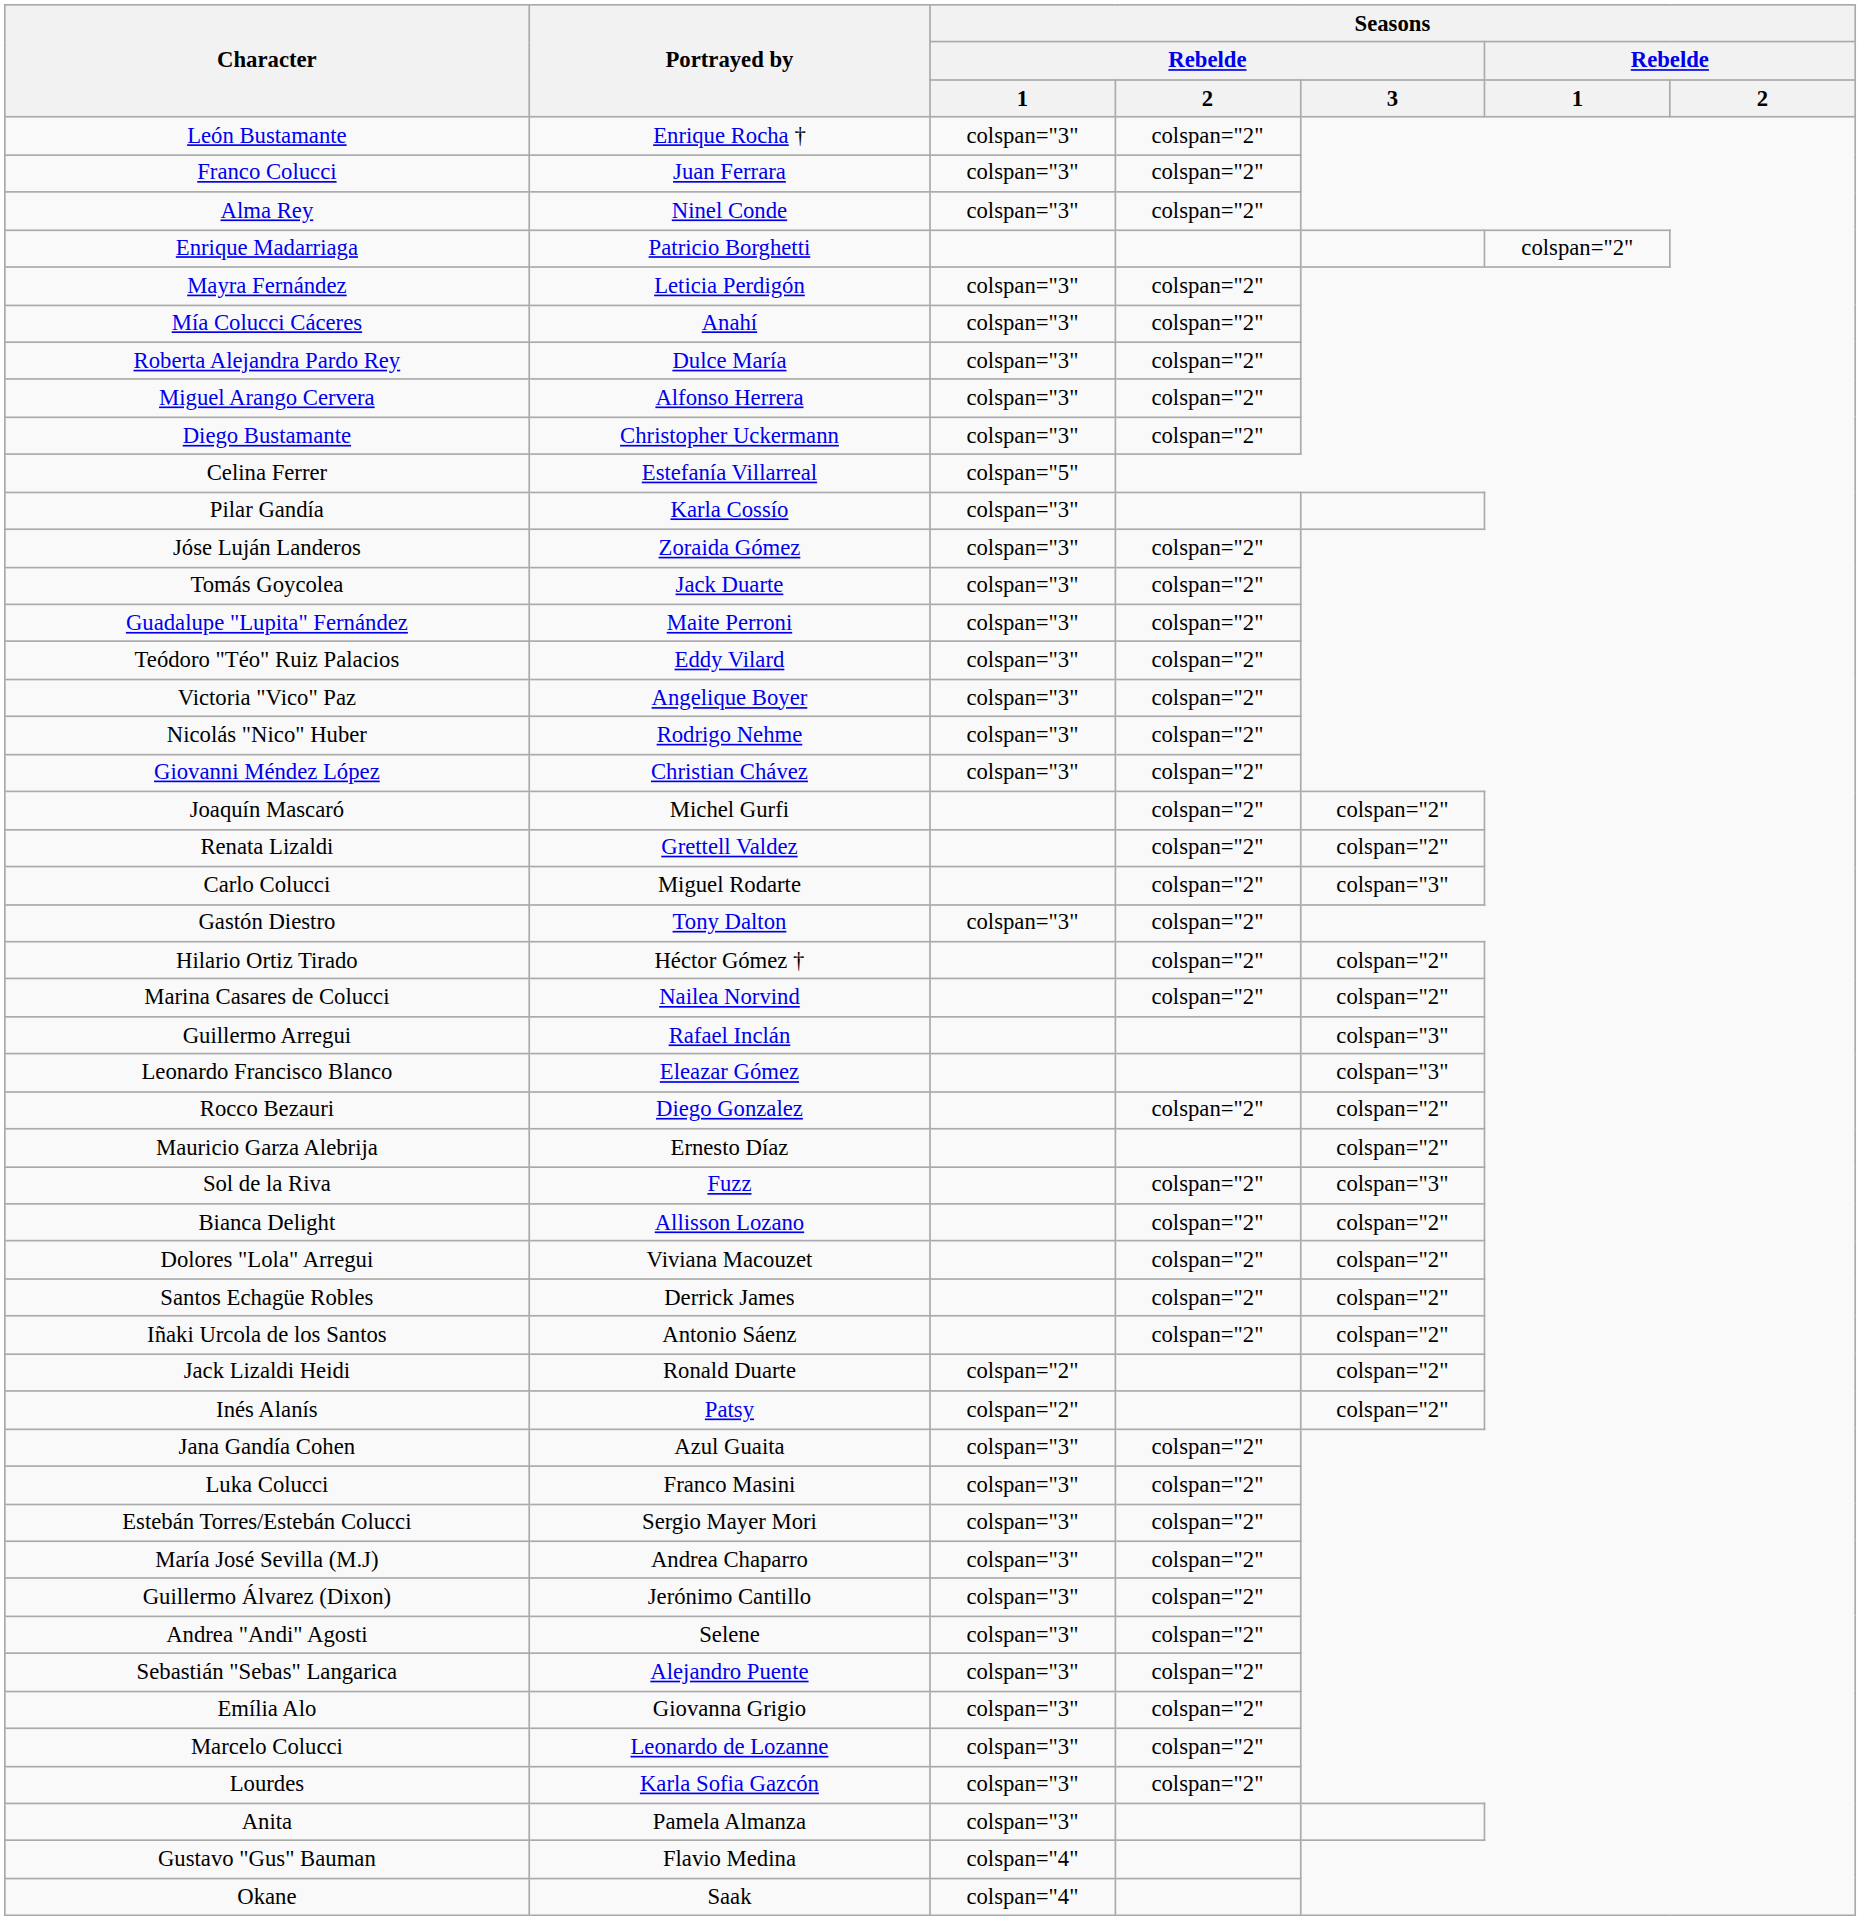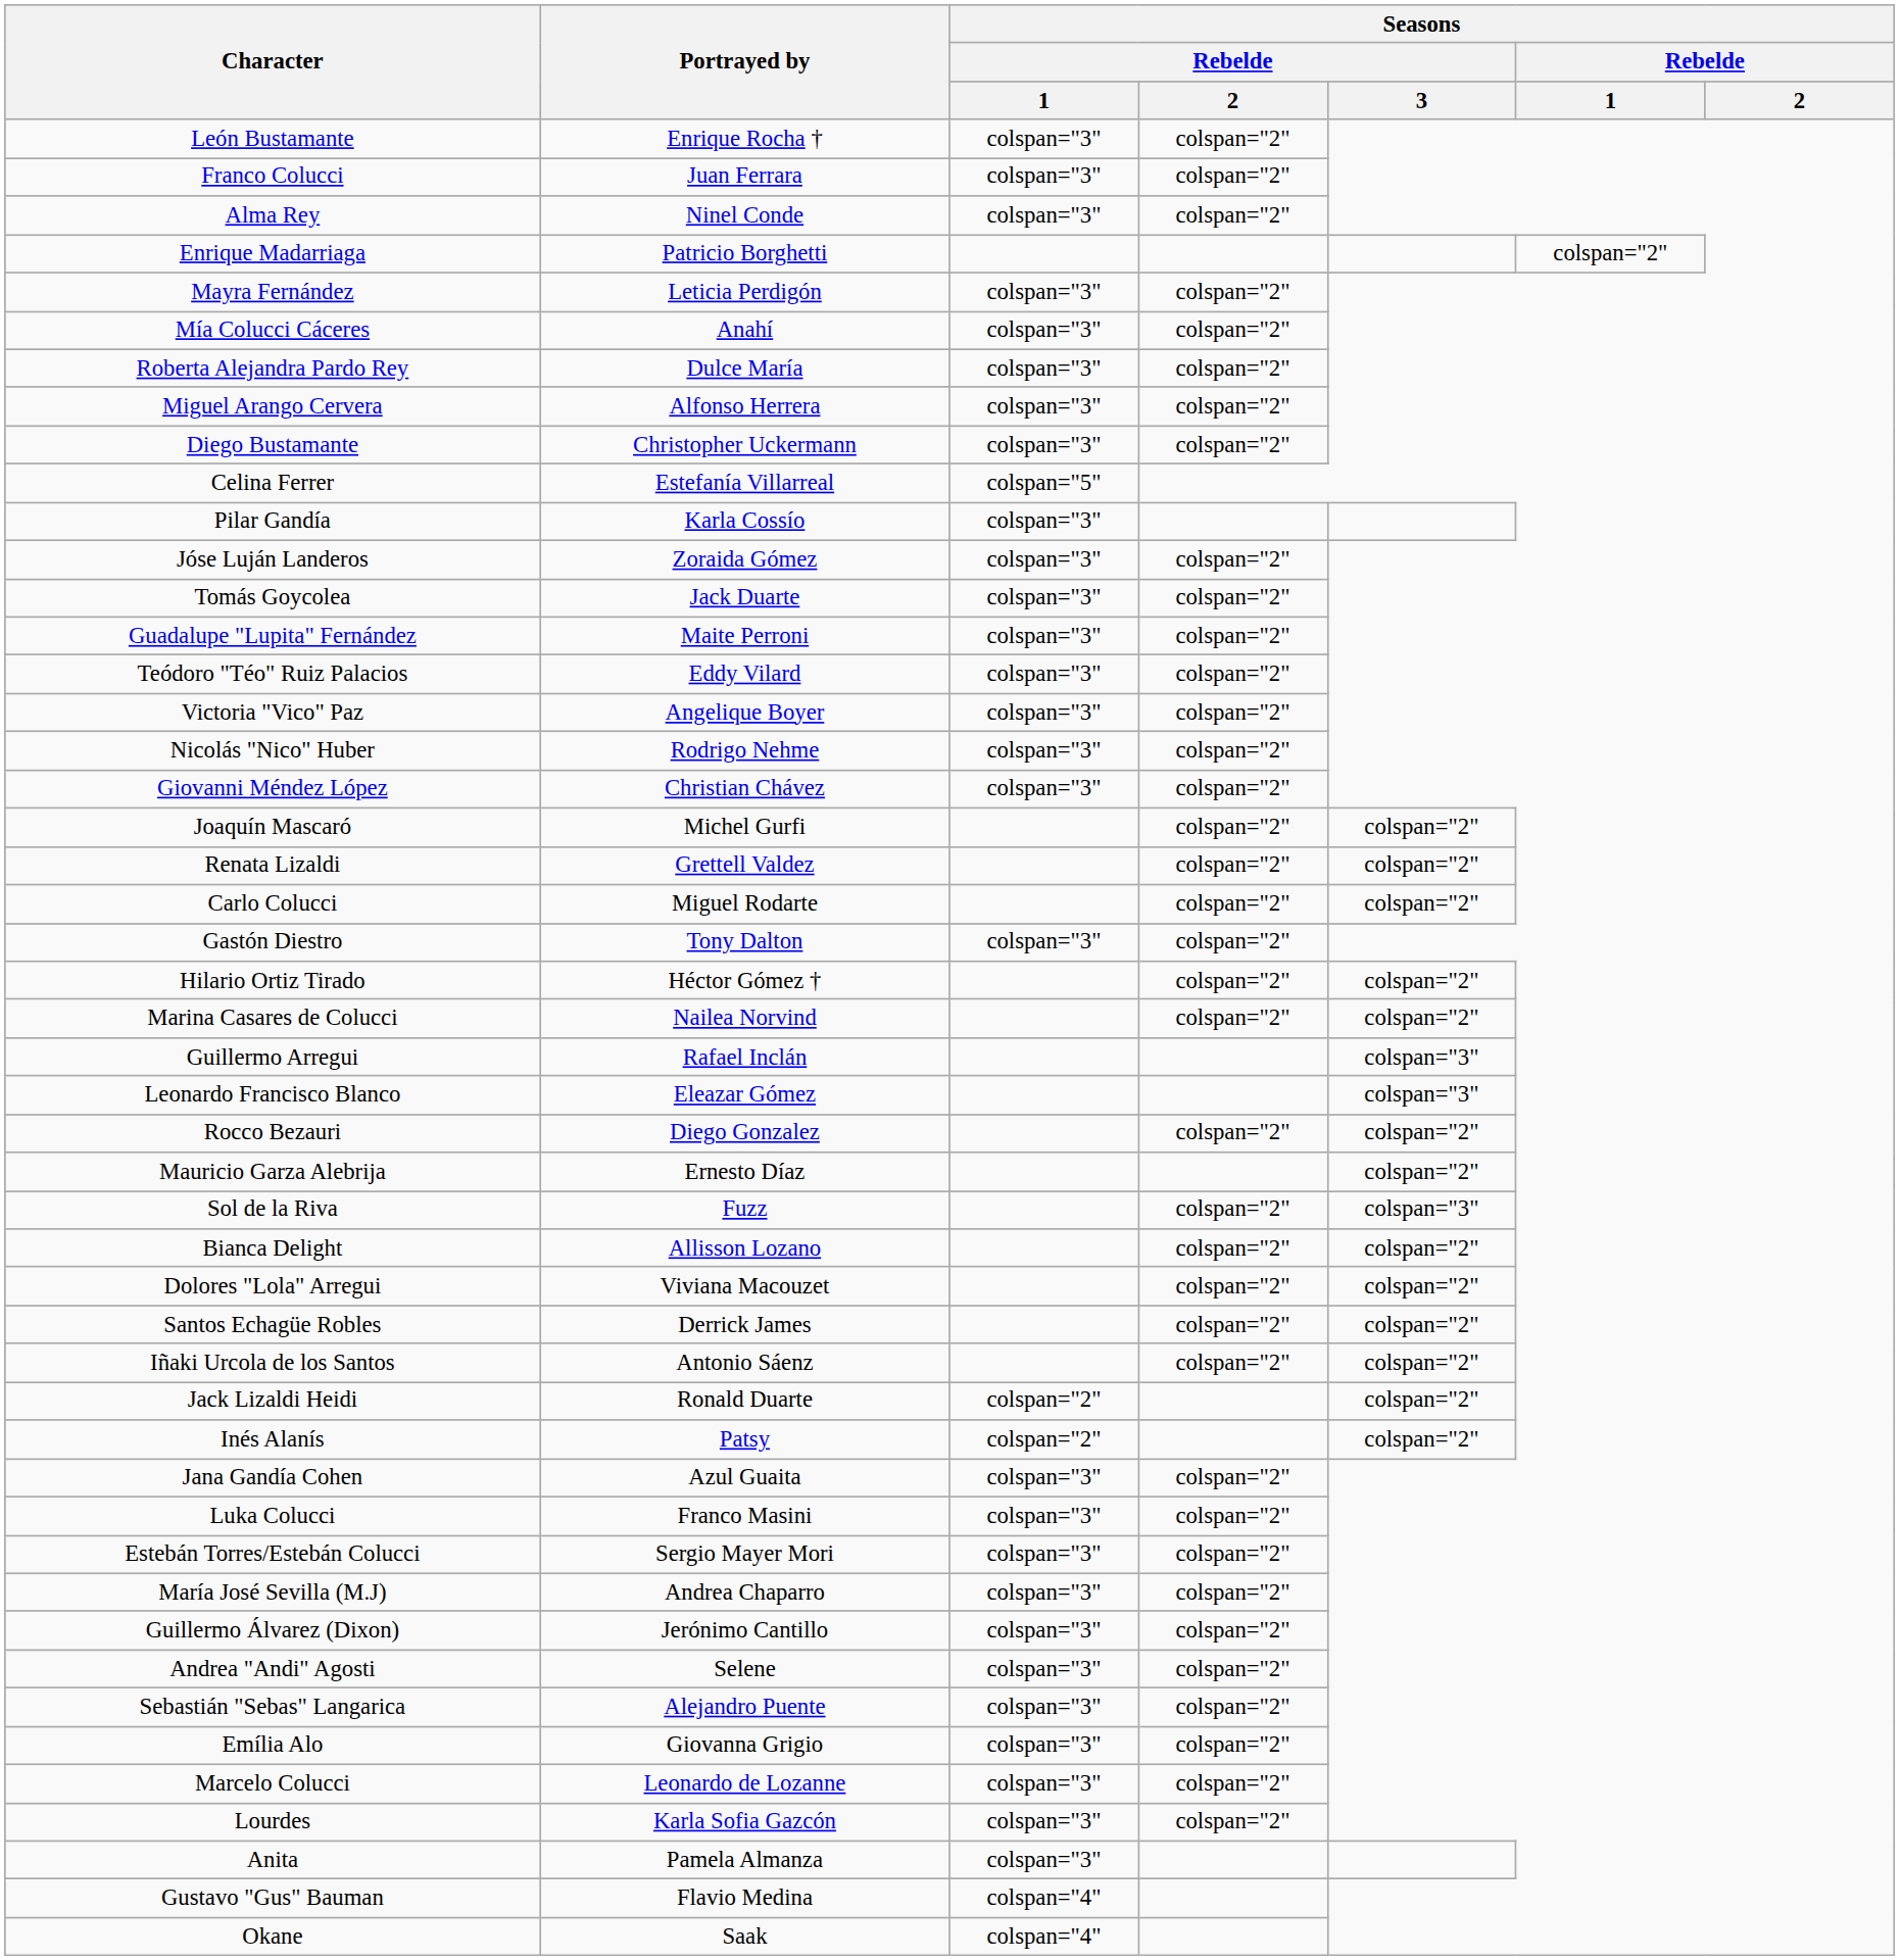 <table class="wikitable plainrowheaders" style="text-align:center; font-size:85%; width:70%">
 <tr>
 <th rowspan="3">Character</th>
 <th rowspan="3">Portrayed by</th>
 <th colspan="5">Seasons</th>
 </tr>
 <tr>
 <th colspan="3"><a href='#'>Rebelde</a><br></th>
 <th colspan="2"><a href='#'>Rebelde</a><br></th>
 </tr>
 <tr>
 <th style="width:10%;">1</th>
 <th style="width:10%;">2</th>
 <th style="width:10%;">3</th>
 <th style="width:10%;">1</th>
 <th style="width:10%;">2</th>
 </tr>
 <tr>
 <td><a href='#'>León Bustamante</a></td>
 <td><a href='#'>Enrique Rocha</a> †</td>
 <td>colspan="3" </td>
 <td>colspan="2" </td>
 </tr>
 <tr>
 <td><a href='#'>Franco Colucci</a></td>
 <td><a href='#'>Juan Ferrara</a></td>
 <td>colspan="3" </td>
 <td>colspan="2" </td>
 </tr>
 <tr>
 <td><a href='#'>Alma Rey</a></td>
 <td><a href='#'>Ninel Conde</a></td>
 <td>colspan="3" </td>
 <td>colspan="2" </td>
 </tr>
 <tr>
 <td><a href='#'>Enrique Madarriaga</a></td>
 <td><a href='#'>Patricio Borghetti</a></td>
 <td></td>
 <td></td>
 <td></td>
 <td>colspan="2" </td>
 </tr>
 <tr>
 <td><a href='#'>Mayra Fernández</a></td>
 <td><a href='#'>Leticia Perdigón</a></td>
 <td>colspan="3" </td>
 <td>colspan="2" </td>
 </tr>
 <tr>
 <td><a href='#'>Mía Colucci Cáceres</a></td>
 <td><a href='#'>Anahí</a></td>
 <td>colspan="3" </td>
 <td>colspan="2" </td>
 </tr>
 <tr>
 <td><a href='#'>Roberta Alejandra Pardo Rey</a></td>
 <td><a href='#'>Dulce María</a></td>
 <td>colspan="3" </td>
 <td>colspan="2" </td>
 </tr>
 <tr>
 <td><a href='#'>Miguel Arango Cervera</a></td>
 <td><a href='#'>Alfonso Herrera</a></td>
 <td>colspan="3" </td>
 <td>colspan="2" </td>
 </tr>
 <tr>
 <td><a href='#'>Diego Bustamante</a></td>
 <td><a href='#'>Christopher Uckermann</a></td>
 <td>colspan="3" </td>
 <td>colspan="2" </td>
 </tr>
 <tr>
 <td>Celina Ferrer</td>
 <td><a href='#'>Estefanía Villarreal</a></td>
 <td>colspan="5" </td>
 </tr>
 <tr>
 <td>Pilar Gandía</td>
 <td><a href='#'>Karla Cossío</a></td>
 <td>colspan="3" </td>
 <td></td>
 <td></td>
 </tr>
 <tr>
 <td>Jóse Luján Landeros</td>
 <td><a href='#'>Zoraida Gómez</a></td>
 <td>colspan="3" </td>
 <td>colspan="2" </td>
 </tr>
 <tr>
 <td>Tomás Goycolea</td>
 <td><a href='#'>Jack Duarte</a></td>
 <td>colspan="3" </td>
 <td>colspan="2" </td>
 </tr>
 <tr>
 <td><a href='#'>Guadalupe "Lupita" Fernández</a></td>
 <td><a href='#'>Maite Perroni</a></td>
 <td>colspan="3" </td>
 <td>colspan="2" </td>
 </tr>
 <tr>
 <td>Teódoro "Téo" Ruiz Palacios</td>
 <td><a href='#'>Eddy Vilard</a></td>
 <td>colspan="3" </td>
 <td>colspan="2" </td>
 </tr>
 <tr>
 <td>Victoria "Vico" Paz</td>
 <td><a href='#'>Angelique Boyer</a></td>
 <td>colspan="3" </td>
 <td>colspan="2" </td>
 </tr>
 <tr>
 <td>Nicolás "Nico" Huber</td>
 <td><a href='#'>Rodrigo Nehme</a></td>
 <td>colspan="3" </td>
 <td>colspan="2" </td>
 </tr>
 <tr>
 <td><a href='#'>Giovanni Méndez López</a></td>
 <td><a href='#'>Christian Chávez</a></td>
 <td>colspan="3" </td>
 <td>colspan="2" </td>
 </tr>
 <tr>
 <td>Joaquín Mascaró</td>
 <td>Michel Gurfi</td>
 <td></td>
 <td>colspan="2" </td>
 <td>colspan="2" </td>
 </tr>
 <tr>
 <td>Renata Lizaldi</td>
 <td><a href='#'>Grettell Valdez</a></td>
 <td></td>
 <td>colspan="2" </td>
 <td>colspan="2" </td>
 </tr>
 <tr>
 <td>Carlo Colucci</td>
 <td>Miguel Rodarte</td>
 <td></td>
 <td>colspan="2" </td>
-<td>colspan="3" </td>
+<td>colspan="2" </td>
 </tr>
 <tr>
 <td>Gastón Diestro</td>
 <td><a href='#'>Tony Dalton</a></td>
 <td>colspan="3" </td>
 <td>colspan="2" </td>
 </tr>
 <tr>
 <td>Hilario Ortiz Tirado</td>
 <td>Héctor Gómez †</td>
 <td></td>
 <td>colspan="2" </td>
 <td>colspan="2" </td>
 </tr>
 <tr>
 <td>Marina Casares de Colucci</td>
 <td><a href='#'>Nailea Norvind</a></td>
 <td></td>
 <td>colspan="2" </td>
 <td>colspan="2" </td>
 </tr>
 <tr>
 <td>Guillermo Arregui</td>
 <td><a href='#'>Rafael Inclán</a></td>
 <td></td>
 <td></td>
 <td>colspan="3" </td>
 </tr>
 <tr>
 <td>Leonardo Francisco Blanco</td>
 <td><a href='#'>Eleazar Gómez</a></td>
 <td></td>
 <td></td>
 <td>colspan="3" </td>
 </tr>
 <tr>
 <td>Rocco Bezauri</td>
 <td><a href='#'>Diego Gonzalez</a></td>
 <td></td>
 <td>colspan="2" </td>
 <td>colspan="2" </td>
 </tr>
 <tr>
 <td>Mauricio Garza Alebrija</td>
 <td>Ernesto Díaz</td>
 <td></td>
 <td></td>
 <td>colspan="2" </td>
 </tr>
 <tr>
 <td>Sol de la Riva</td>
 <td><a href='#'>Fuzz</a></td>
 <td></td>
 <td>colspan="2" </td>
 <td>colspan="3" </td>
 </tr>
 <tr>
 <td>Bianca Delight</td>
 <td><a href='#'>Allisson Lozano</a></td>
 <td></td>
 <td>colspan="2" </td>
 <td>colspan="2" </td>
 </tr>
 <tr>
 <td>Dolores "Lola" Arregui</td>
 <td>Viviana Macouzet</td>
 <td></td>
 <td>colspan="2" </td>
 <td>colspan="2" </td>
 </tr>
 <tr>
 <td>Santos Echagüe Robles</td>
 <td>Derrick James</td>
 <td></td>
 <td>colspan="2" </td>
 <td>colspan="2" </td>
 </tr>
 <tr>
 <td>Iñaki Urcola de los Santos</td>
 <td>Antonio Sáenz</td>
 <td></td>
 <td>colspan="2" </td>
 <td>colspan="2" </td>
 </tr>
 <tr>
 <td>Jack Lizaldi Heidi</td>
 <td>Ronald Duarte</td>
 <td>colspan="2" </td>
 <td></td>
 <td>colspan="2" </td>
 </tr>
 <tr>
 <td>Inés Alanís</td>
 <td><a href='#'>Patsy</a></td>
 <td>colspan="2" </td>
 <td></td>
 <td>colspan="2" </td>
 </tr>
 <tr>
 <td>Jana Gandía Cohen</td>
 <td>Azul Guaita</td>
 <td>colspan="3" </td>
 <td>colspan="2" </td>
 </tr>
 <tr>
 <td>Luka Colucci</td>
 <td>Franco Masini</td>
 <td>colspan="3" </td>
 <td>colspan="2" </td>
 </tr>
 <tr>
 <td>Estebán Torres/Estebán Colucci</td>
 <td>Sergio Mayer Mori</td>
 <td>colspan="3" </td>
 <td>colspan="2" </td>
 </tr>
 <tr>
 <td>María José Sevilla (M.J)</td>
 <td>Andrea Chaparro</td>
 <td>colspan="3" </td>
 <td>colspan="2" </td>
 </tr>
 <tr>
 <td>Guillermo Álvarez (Dixon)</td>
 <td>Jerónimo Cantillo</td>
 <td>colspan="3" </td>
 <td>colspan="2" </td>
 </tr>
 <tr>
 <td>Andrea "Andi" Agosti</td>
 <td>Selene</td>
 <td>colspan="3" </td>
 <td>colspan="2" </td>
 </tr>
 <tr>
 <td>Sebastián "Sebas" Langarica</td>
 <td><a href='#'>Alejandro Puente</a></td>
 <td>colspan="3" </td>
 <td>colspan="2" </td>
 </tr>
 <tr>
 <td>Emília Alo</td>
 <td>Giovanna Grigio</td>
 <td>colspan="3" </td>
 <td>colspan="2" </td>
 </tr>
 <tr>
 <td>Marcelo Colucci</td>
 <td><a href='#'>Leonardo de Lozanne</a></td>
 <td>colspan="3" </td>
 <td>colspan="2" </td>
 </tr>
 <tr>
 <td>Lourdes</td>
 <td><a href='#'>Karla Sofia Gazcón</a></td>
 <td>colspan="3" </td>
 <td>colspan="2" </td>
 </tr>
 <tr>
 <td>Anita</td>
 <td>Pamela Almanza</td>
 <td>colspan="3" </td>
 <td></td>
 <td></td>
 </tr>
 <tr>
 <td>Gustavo "Gus" Bauman</td>
 <td>Flavio Medina</td>
 <td>colspan="4" </td>
 <td></td>
 </tr>
 <tr>
 <td>Okane</td>
 <td>Saak</td>
 <td>colspan="4" </td>
 <td></td>
 </tr>
 </table>
